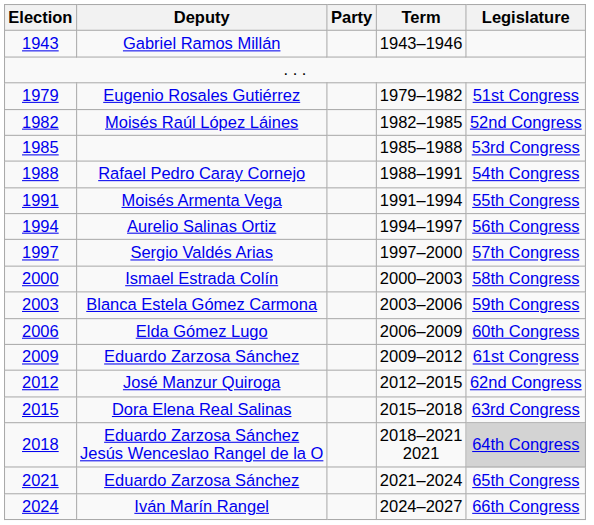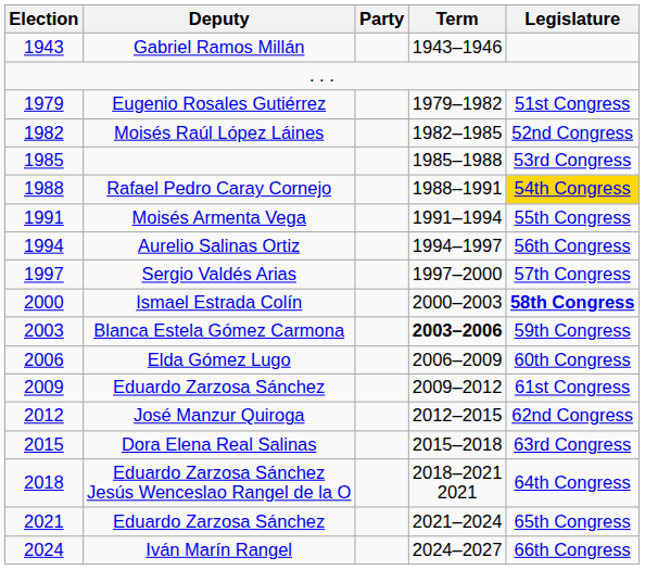 <table class="wikitable sortable" style="text-align: center">
 <tr>
 <th>Election</th>
 <th class="unsortable">Deputy</th>
 <th class="unsortable">Party</th>
 <th class="unsortable">Term</th>
 <th class="unsortable">Legislature</th>
 </tr>
 <tr>
 <td><a href='#'>1943</a></td>
 <td><a href='#'>Gabriel Ramos Millán</a></td>
 <td></td>
 <td>1943–1946</td>
 <td></td>
 </tr>
 <tr>
 <td colspan=5> . . .</td>
 </tr>
 <tr>
 <td><a href='#'>1979</a></td>
 <td><a href='#'>Eugenio Rosales Gutiérrez</a></td>
 <td></td>
 <td>1979–1982</td>
 <td><a href='#'>51st Congress</a></td>
 </tr>
 <tr>
 <td><a href='#'>1982</a></td>
 <td><a href='#'>Moisés Raúl López Láines</a></td>
 <td></td>
 <td>1982–1985</td>
 <td><a href='#'>52nd Congress</a></td>
 </tr>
 <tr>
 <td><a href='#'>1985</a></td>
 <td></td>
 <td></td>
 <td>1985–1988</td>
 <td><a href='#'>53rd Congress</a></td>
 </tr>
 <tr>
 <td><a href='#'>1988</a></td>
 <td><a href='#'>Rafael Pedro Caray Cornejo</a></td>
 <td></td>
 <td>1988–1991</td>
-<td><a href='#'>54th Congress</a></td>
+<td style="background: gold;"><a href='#'>54th Congress</a></td>
 </tr>
 <tr>
 <td><a href='#'>1991</a></td>
 <td><a href='#'>Moisés Armenta Vega</a></td>
 <td></td>
 <td>1991–1994</td>
 <td><a href='#'>55th Congress</a></td>
 </tr>
 <tr>
 <td><a href='#'>1994</a></td>
 <td><a href='#'>Aurelio Salinas Ortiz</a></td>
 <td></td>
 <td>1994–1997</td>
 <td><a href='#'>56th Congress</a></td>
 </tr>
 <tr>
 <td><a href='#'>1997</a></td>
 <td><a href='#'>Sergio Valdés Arias</a></td>
 <td></td>
 <td>1997–2000</td>
 <td><a href='#'>57th Congress</a></td>
 </tr>
 <tr>
 <td><a href='#'>2000</a></td>
 <td><a href='#'>Ismael Estrada Colín</a></td>
 <td></td>
 <td>2000–2003</td>
-<td><a href='#'>58th Congress</a></td>
+<td><strong><a href='#'>58th Congress</a></strong></td>
 </tr>
 <tr>
 <td><a href='#'>2003</a></td>
 <td><a href='#'>Blanca Estela Gómez Carmona</a></td>
 <td></td>
-<td>2003–2006</td>
+<td><strong>2003–2006</strong></td>
 <td><a href='#'>59th Congress</a></td>
 </tr>
 <tr>
 <td><a href='#'>2006</a></td>
 <td><a href='#'>Elda Gómez Lugo</a></td>
 <td></td>
 <td>2006–2009</td>
 <td><a href='#'>60th Congress</a></td>
 </tr>
 <tr>
 <td><a href='#'>2009</a></td>
 <td><a href='#'>Eduardo Zarzosa Sánchez</a></td>
 <td></td>
 <td>2009–2012</td>
 <td><a href='#'>61st Congress</a></td>
 </tr>
 <tr>
 <td><a href='#'>2012</a></td>
 <td><a href='#'>José Manzur Quiroga</a></td>
 <td></td>
 <td>2012–2015</td>
 <td><a href='#'>62nd Congress</a></td>
 </tr>
 <tr>
 <td><a href='#'>2015</a></td>
 <td><a href='#'>Dora Elena Real Salinas</a></td>
 <td></td>
 <td>2015–2018</td>
 <td><a href='#'>63rd Congress</a></td>
 </tr>
 <tr>
 <td><a href='#'>2018</a></td>
 <td><a href='#'>Eduardo Zarzosa Sánchez</a><br><a href='#'>Jesús Wenceslao Rangel de la O</a></td>
 <td></td>
 <td>2018–2021<br>2021</td>
-<td style="background: lightgrey;"><a href='#'>64th Congress</a></td>
+<td><a href='#'>64th Congress</a></td>
 </tr>
 <tr>
 <td><a href='#'>2021</a></td>
 <td><a href='#'>Eduardo Zarzosa Sánchez</a></td>
 <td></td>
 <td>2021–2024</td>
 <td><a href='#'>65th Congress</a></td>
 </tr>
 <tr>
 <td><a href='#'>2024</a></td>
 <td><a href='#'>Iván Marín Rangel</a></td>
 <td> </td>
 <td>2024–2027</td>
 <td><a href='#'>66th Congress</a></td>
 </tr>
 </table>
